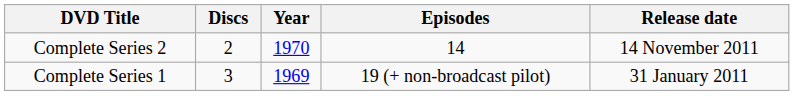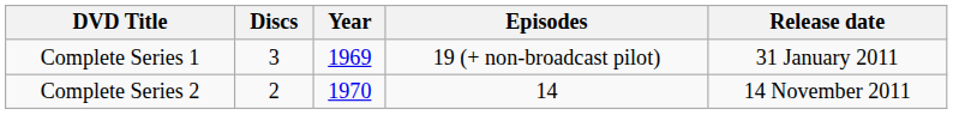 <table class="wikitable" width="55%" style="left: 0 auto; text-align: center;">
 <tr>
 <th>DVD Title</th>
 <th>Discs</th>
 <th>Year</th>
 <th>Episodes</th>
 <th>Release date</th>
 </tr>
 <tr>
+<td>Complete Series 1</td>
+<td>3</td>
+<td><a href='#'>1969</a></td>
+<td>19 (+ non-broadcast pilot)</td>
+<td>31 January 2011</td>
+</tr>
+<tr>
 <td>Complete Series 2</td>
 <td>2</td>
 <td><a href='#'>1970</a></td>
 <td>14</td>
 <td>14 November 2011</td>
 </tr>
-<tr>
-<td>Complete Series 1</td>
-<td>3</td>
-<td><a href='#'>1969</a></td>
-<td>19 (+ non-broadcast pilot)</td>
-<td>31 January 2011</td>
-</tr>
 </table>
